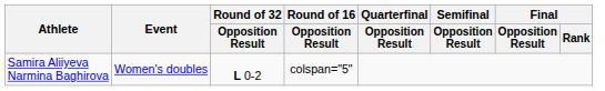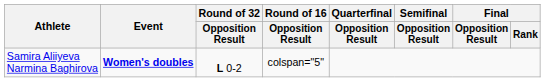 <table class="wikitable" style="text-align:center; font-size:90%">
 <tr>
 <th rowspan="2">Athlete</th>
 <th rowspan="2">Event</th>
 <th>Round of 32</th>
 <th>Round of 16</th>
 <th>Quarterfinal</th>
 <th>Semifinal</th>
 <th colspan="2">Final</th>
 </tr>
 <tr style="font-size:95%">
 <th>Opposition<br>Result</th>
 <th>Opposition<br>Result</th>
 <th>Opposition<br>Result</th>
 <th>Opposition<br>Result</th>
 <th>Opposition<br>Result</th>
 <th>Rank</th>
 </tr>
 <tr>
 <td align="left"><a href='#'>Samira Aliiyeva</a><br><a href='#'>Narmina Baghirova</a></td>
-<td align="left"><a href='#'>Women's doubles</a></td>
+<td align="left"><strong><a href='#'>Women's doubles</a></strong></td>
 <td><br><strong>L</strong> 0-2</td>
 <td>colspan="5" </td>
 </tr>
 </table>
